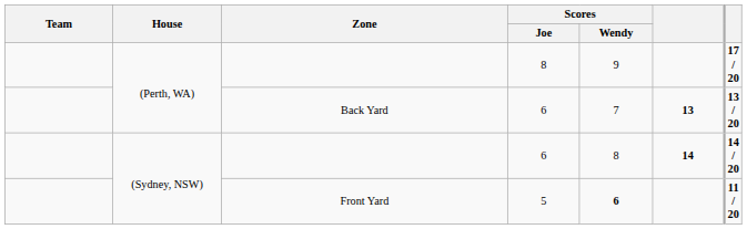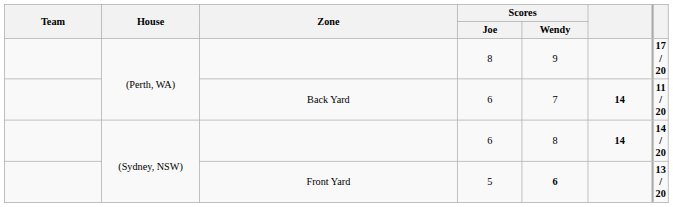 <table class="wikitable plainrowheaders" style="text-align:center; font-size:90%; width:65em;">
 <tr>
 <th rowspan="2">Team</th>
 <th rowspan="2">House</th>
 <th rowspan="2" style="width:40%;">Zone</th>
 <th colspan="2" style="width:30%;">Scores</th>
 <th rowspan="2" style="width:15%;"></th>
 <th rowspan="2" style="width:15%; border-left:3px solid #aaa;"></th>
 </tr>
 <tr>
 <th style="width:10%;">Joe</th>
 <th style="width:10%;">Wendy</th>
 </tr>
 <tr>
 <td style="width:15%;"></td>
 <td rowspan=2 style="width:15%;"><br>(Perth, WA)</td>
 <td></td>
 <td>8</td>
 <td>9</td>
 <td></td>
 <td style="border-left:3px solid #aaa;"><strong>17 / 20</strong></td>
 </tr>
 <tr>
 <td style="width:15%;"></td>
 <td>Back Yard</td>
 <td>6</td>
 <td>7</td>
-<td><strong>13</strong></td>
-<td style="border-left:3px solid #aaa;"><strong>13 / 20</strong></td>
+<td><strong>14</strong></td>
+<td style="border-left:3px solid #aaa;"><strong>11 / 20</strong></td>
 </tr>
 <tr>
 <td style="width:15%;"></td>
 <td rowspan=2 style="width:15%;"><br>(Sydney, NSW)</td>
 <td></td>
 <td>6</td>
 <td>8</td>
 <td><strong>14</strong></td>
 <td style="border-left:3px solid #aaa;"><strong>14 / 20</strong></td>
 </tr>
 <tr>
 <td style="width:15%;"></td>
 <td>Front Yard</td>
 <td>5</td>
 <td><strong>6</strong></td>
 <td></td>
-<td style="border-left:3px solid #aaa;"><strong>11 / 20</strong></td>
+<td style="border-left:3px solid #aaa;"><strong>13 / 20</strong></td>
 </tr>
 </table>
